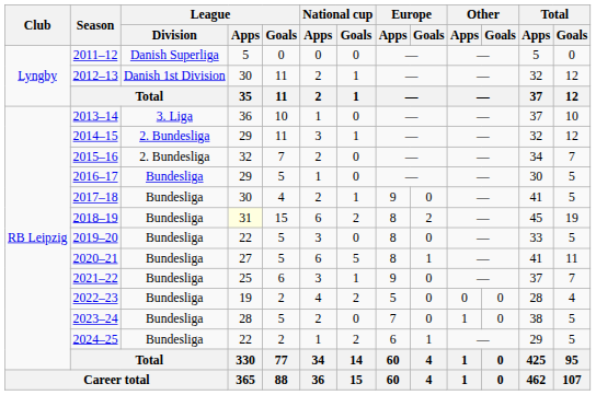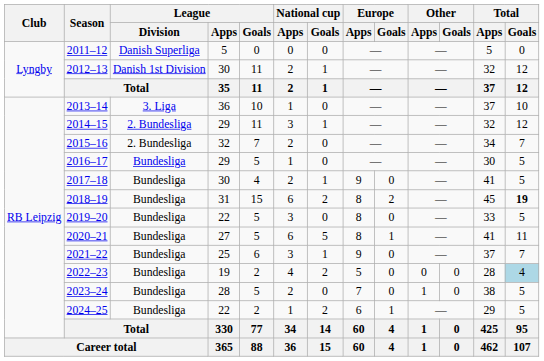 <table class="wikitable" Style="text-align: center;">
 <tr>
 <th rowspan="2">Club</th>
 <th rowspan="2">Season</th>
 <th colspan="3">League</th>
 <th colspan="2">National cup</th>
 <th colspan="2">Europe</th>
 <th colspan="2">Other</th>
 <th colspan="2">Total</th>
 </tr>
 <tr>
 <th>Division</th>
 <th>Apps</th>
 <th>Goals</th>
 <th>Apps</th>
 <th>Goals</th>
 <th>Apps</th>
 <th>Goals</th>
 <th>Apps</th>
 <th>Goals</th>
 <th>Apps</th>
 <th>Goals</th>
 </tr>
 <tr>
 <td rowspan="3"><a href='#'>Lyngby</a></td>
 <td><a href='#'>2011–12</a></td>
 <td><a href='#'>Danish Superliga</a></td>
 <td>5</td>
 <td>0</td>
 <td>0</td>
 <td>0</td>
 <td colspan="2">—</td>
 <td colspan="2">—</td>
 <td>5</td>
 <td>0</td>
 </tr>
 <tr>
 <td><a href='#'>2012–13</a></td>
 <td><a href='#'>Danish 1st Division</a></td>
 <td>30</td>
 <td>11</td>
 <td>2</td>
 <td>1</td>
 <td colspan="2">—</td>
 <td colspan="2">—</td>
 <td>32</td>
 <td>12</td>
 </tr>
 <tr>
 <th colspan="2">Total</th>
 <th>35</th>
 <th>11</th>
 <th>2</th>
 <th>1</th>
 <th colspan="2">—</th>
 <th colspan="2">—</th>
 <th>37</th>
 <th>12</th>
 </tr>
 <tr>
 <td rowspan="13"><a href='#'>RB Leipzig</a></td>
 <td><a href='#'>2013–14</a></td>
 <td><a href='#'>3. Liga</a></td>
 <td>36</td>
 <td>10</td>
 <td>1</td>
 <td>0</td>
 <td colspan="2">—</td>
 <td colspan="2">—</td>
 <td>37</td>
 <td>10</td>
 </tr>
 <tr>
 <td><a href='#'>2014–15</a></td>
 <td><a href='#'>2. Bundesliga</a></td>
 <td>29</td>
 <td>11</td>
 <td>3</td>
 <td>1</td>
 <td colspan="2">—</td>
 <td colspan="2">—</td>
 <td>32</td>
 <td>12</td>
 </tr>
 <tr>
 <td><a href='#'>2015–16</a></td>
 <td>2. Bundesliga</td>
 <td>32</td>
 <td>7</td>
 <td>2</td>
 <td>0</td>
 <td colspan="2">—</td>
 <td colspan="2">—</td>
 <td>34</td>
 <td>7</td>
 </tr>
 <tr>
 <td><a href='#'>2016–17</a></td>
 <td><a href='#'>Bundesliga</a></td>
 <td>29</td>
 <td>5</td>
 <td>1</td>
 <td>0</td>
 <td colspan="2">—</td>
 <td colspan="2">—</td>
 <td>30</td>
 <td>5</td>
 </tr>
 <tr>
 <td><a href='#'>2017–18</a></td>
 <td>Bundesliga</td>
 <td>30</td>
 <td>4</td>
 <td>2</td>
 <td>1</td>
 <td>9</td>
 <td>0</td>
 <td colspan="2">—</td>
 <td>41</td>
 <td>5</td>
 </tr>
 <tr>
 <td><a href='#'>2018–19</a></td>
 <td>Bundesliga</td>
-<td style="background: lightyellow;">31</td>
+<td>31</td>
 <td>15</td>
 <td>6</td>
 <td>2</td>
 <td>8</td>
 <td>2</td>
 <td colspan="2">—</td>
 <td>45</td>
-<td>19</td>
+<td><strong>19</strong></td>
 </tr>
 <tr>
 <td><a href='#'>2019–20</a></td>
 <td>Bundesliga</td>
 <td>22</td>
 <td>5</td>
 <td>3</td>
 <td>0</td>
 <td>8</td>
 <td>0</td>
 <td colspan="2">—</td>
 <td>33</td>
 <td>5</td>
 </tr>
 <tr>
 <td><a href='#'>2020–21</a></td>
 <td>Bundesliga</td>
 <td>27</td>
 <td>5</td>
 <td>6</td>
 <td>5</td>
 <td>8</td>
 <td>1</td>
 <td colspan="2">—</td>
 <td>41</td>
 <td>11</td>
 </tr>
 <tr>
 <td><a href='#'>2021–22</a></td>
 <td>Bundesliga</td>
 <td>25</td>
 <td>6</td>
 <td>3</td>
 <td>1</td>
 <td>9</td>
 <td>0</td>
 <td colspan="2">—</td>
 <td>37</td>
 <td>7</td>
 </tr>
 <tr>
 <td><a href='#'>2022–23</a></td>
 <td>Bundesliga</td>
 <td>19</td>
 <td>2</td>
 <td>4</td>
 <td>2</td>
 <td>5</td>
 <td>0</td>
 <td>0</td>
 <td>0</td>
 <td>28</td>
-<td>4</td>
+<td style="background: lightblue;">4</td>
 </tr>
 <tr>
 <td><a href='#'>2023–24</a></td>
 <td>Bundesliga</td>
 <td>28</td>
 <td>5</td>
 <td>2</td>
 <td>0</td>
 <td>7</td>
 <td>0</td>
 <td>1</td>
 <td>0</td>
 <td>38</td>
 <td>5</td>
 </tr>
 <tr>
 <td><a href='#'>2024–25</a></td>
 <td>Bundesliga</td>
 <td>22</td>
 <td>2</td>
 <td>1</td>
 <td>2</td>
 <td>6</td>
 <td>1</td>
 <td colspan="2">—</td>
 <td>29</td>
 <td>5</td>
 </tr>
 <tr>
 <th colspan="2">Total</th>
 <th>330</th>
 <th>77</th>
 <th>34</th>
 <th>14</th>
 <th>60</th>
 <th>4</th>
 <th>1</th>
 <th>0</th>
 <th>425</th>
 <th>95</th>
 </tr>
 <tr>
 <th colspan="3">Career total</th>
 <th>365</th>
 <th>88</th>
 <th>36</th>
 <th>15</th>
 <th>60</th>
 <th>4</th>
 <th>1</th>
 <th>0</th>
 <th>462</th>
 <th>107</th>
 </tr>
 </table>
